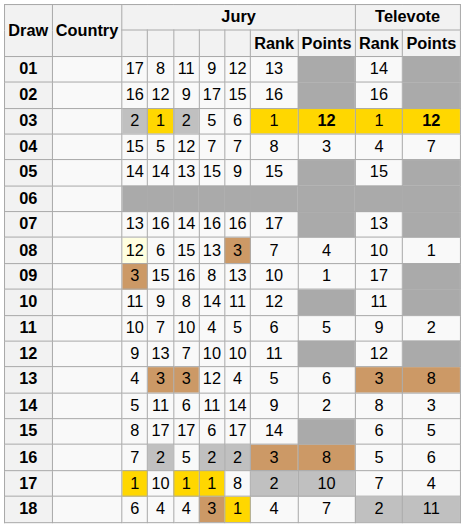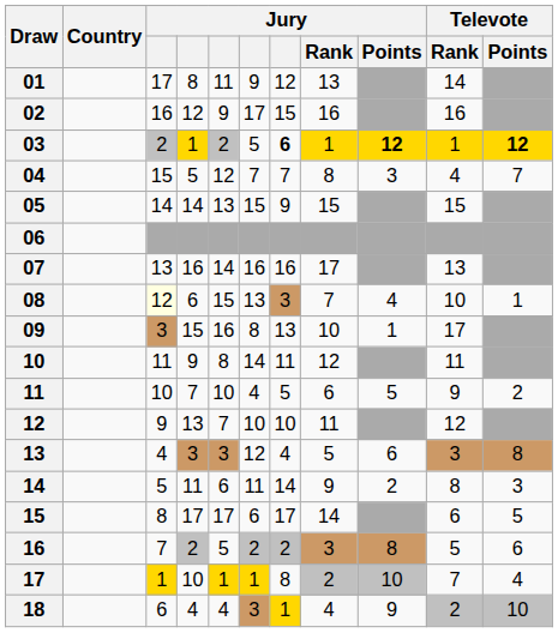 <table class="sortable wikitable collapsible plainrowheaders" style="text-align:center;">
 <tr>
 </tr>
 <tr>
 <th scope="col" rowspan="2">Draw</th>
 <th scope="col" rowspan="2">Country</th>
 <th scope="col" colspan="7">Jury</th>
 <th scope="col" colspan="2">Televote</th>
 </tr>
 <tr>
 <th scope="col"><small></small></th>
 <th scope="col"><small></small></th>
 <th scope="col"><small></small></th>
 <th scope="col"><small></small></th>
 <th scope="col"><small></small></th>
 <th scope="col">Rank</th>
 <th scope="col">Points</th>
 <th scope="col">Rank</th>
 <th scope="col">Points</th>
 </tr>
 <tr>
 <th scope="row" style="text-align:center;">01</th>
 <td style="text-align:left;"></td>
 <td>17</td>
 <td>8</td>
 <td>11</td>
 <td>9</td>
 <td>12</td>
 <td>13</td>
 <td style="background:#AAAAAA;"></td>
 <td>14</td>
 <td style="background:#AAAAAA;"></td>
 </tr>
 <tr>
 <th scope="row" style="text-align:center;">02</th>
 <td style="text-align:left;"></td>
 <td>16</td>
 <td>12</td>
 <td>9</td>
 <td>17</td>
 <td>15</td>
 <td>16</td>
 <td style="background:#AAAAAA;"></td>
 <td>16</td>
 <td style="background:#AAAAAA;"></td>
 </tr>
 <tr>
 <th scope="row" style="text-align:center;">03</th>
 <td style="text-align:left;"></td>
 <td style="background:silver;">2</td>
 <td style="background:gold;">1</td>
 <td style="background:silver;">2</td>
 <td>5</td>
-<td>6</td>
+<td><strong>6</strong></td>
 <td style="background:gold;">1</td>
 <td style="background:gold;"><strong>12</strong></td>
 <td style="background:gold;">1</td>
 <td style="background:gold;"><strong>12</strong></td>
 </tr>
 <tr>
 <th scope="row" style="text-align:center;">04</th>
 <td style="text-align:left;"></td>
 <td>15</td>
 <td>5</td>
 <td>12</td>
 <td>7</td>
 <td>7</td>
 <td>8</td>
 <td>3</td>
 <td>4</td>
 <td>7</td>
 </tr>
 <tr>
 <th scope="row" style="text-align:center;">05</th>
 <td style="text-align:left;"></td>
 <td>14</td>
 <td>14</td>
 <td>13</td>
 <td>15</td>
 <td>9</td>
 <td>15</td>
 <td style="background:#AAAAAA;"></td>
 <td>15</td>
 <td style="background:#AAAAAA;"></td>
 </tr>
 <tr class="sortbottom">
 <th scope="row" style="text-align:center;">06</th>
 <td style="text-align:left;"></td>
 <td style="background:#AAAAAA;"></td>
 <td style="background:#AAAAAA;"></td>
 <td style="background:#AAAAAA;"></td>
 <td style="background:#AAAAAA;"></td>
 <td style="background:#AAAAAA;"></td>
 <td style="background:#AAAAAA;"></td>
 <td style="background:#AAAAAA;"></td>
 <td style="background:#AAAAAA;"></td>
 <td style="background:#AAAAAA;"></td>
 </tr>
 <tr>
 <th scope="row" style="text-align:center;">07</th>
 <td style="text-align:left;"></td>
 <td>13</td>
 <td>16</td>
 <td>14</td>
 <td>16</td>
 <td>16</td>
 <td>17</td>
 <td style="background:#AAAAAA;"></td>
 <td>13</td>
 <td style="background:#AAAAAA;"></td>
 </tr>
 <tr>
 <th scope="row" style="text-align:center;">08</th>
 <td style="text-align:left;"></td>
 <td style="background: lightyellow;">12</td>
 <td>6</td>
 <td>15</td>
 <td>13</td>
 <td style="background:#CC9966;">3</td>
 <td>7</td>
 <td>4</td>
 <td>10</td>
 <td>1</td>
 </tr>
 <tr>
 <th scope="row" style="text-align:center;">09</th>
 <td style="text-align:left;"></td>
 <td style="background:#CC9966;">3</td>
 <td>15</td>
 <td>16</td>
 <td>8</td>
 <td>13</td>
 <td>10</td>
 <td>1</td>
 <td>17</td>
 <td style="background:#AAAAAA;"></td>
 </tr>
 <tr>
 <th scope="row" style="text-align:center;">10</th>
 <td style="text-align:left;"></td>
 <td>11</td>
 <td>9</td>
 <td>8</td>
 <td>14</td>
 <td>11</td>
 <td>12</td>
 <td style="background:#AAAAAA;"></td>
 <td>11</td>
 <td style="background:#AAAAAA;"></td>
 </tr>
 <tr>
 <th scope="row" style="text-align:center;">11</th>
 <td style="text-align:left;"></td>
 <td>10</td>
 <td>7</td>
 <td>10</td>
 <td>4</td>
 <td>5</td>
 <td>6</td>
 <td>5</td>
 <td>9</td>
 <td>2</td>
 </tr>
 <tr>
 <th scope="row" style="text-align:center;">12</th>
 <td style="text-align:left;"></td>
 <td>9</td>
 <td>13</td>
 <td>7</td>
 <td>10</td>
 <td>10</td>
 <td>11</td>
 <td style="background:#AAAAAA;"></td>
 <td>12</td>
 <td style="background:#AAAAAA;"></td>
 </tr>
 <tr>
 <th scope="row" style="text-align:center;">13</th>
 <td style="text-align:left;"></td>
 <td>4</td>
 <td style="background:#CC9966;">3</td>
 <td style="background:#CC9966;">3</td>
 <td>12</td>
 <td>4</td>
 <td>5</td>
 <td>6</td>
 <td style="background:#CC9966;">3</td>
 <td style="background:#CC9966;">8</td>
 </tr>
 <tr>
 <th scope="row" style="text-align:center;">14</th>
 <td style="text-align:left;"></td>
 <td>5</td>
 <td>11</td>
 <td>6</td>
 <td>11</td>
 <td>14</td>
 <td>9</td>
 <td>2</td>
 <td>8</td>
 <td>3</td>
 </tr>
 <tr>
 <th scope="row" style="text-align:center;">15</th>
 <td style="text-align:left;"></td>
 <td>8</td>
 <td>17</td>
 <td>17</td>
 <td>6</td>
 <td>17</td>
 <td>14</td>
 <td style="background:#AAAAAA;"></td>
 <td>6</td>
 <td>5</td>
 </tr>
 <tr>
 <th scope="row" style="text-align:center;">16</th>
 <td style="text-align:left;"></td>
 <td>7</td>
 <td style="background:silver;">2</td>
 <td>5</td>
 <td style="background:silver;">2</td>
 <td style="background:silver;">2</td>
 <td style="background:#CC9966;">3</td>
 <td style="background:#CC9966;">8</td>
 <td>5</td>
 <td>6</td>
 </tr>
 <tr>
 <th scope="row" style="text-align:center;">17</th>
 <td style="text-align:left;"></td>
 <td style="background:gold;">1</td>
 <td>10</td>
 <td style="background:gold;">1</td>
 <td style="background:gold;">1</td>
 <td>8</td>
 <td style="background:silver;">2</td>
 <td style="background:silver;">10</td>
 <td>7</td>
 <td>4</td>
 </tr>
 <tr>
 <th scope="row" style="text-align:center;">18</th>
 <td style="text-align:left;"></td>
 <td>6</td>
 <td>4</td>
 <td>4</td>
 <td style="background:#CC9966;">3</td>
 <td style="background:gold;">1</td>
 <td>4</td>
-<td>7</td>
+<td>9</td>
 <td style="background:silver;">2</td>
-<td style="background:silver;">11</td>
+<td style="background:silver;">10</td>
 </tr>
 </table>
